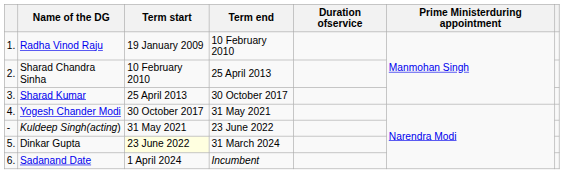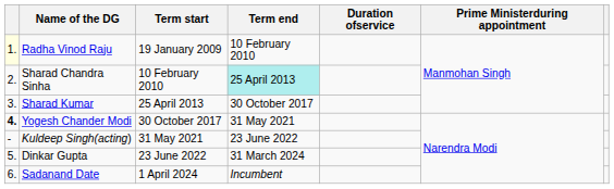 <table class="wikitable">
 <tr>
 <th></th>
 <th>Name of the DG</th>
 <th>Term start</th>
 <th>Term end</th>
 <th>Duration ofservice</th>
 <th>Prime Ministerduring appointment</th>
 <th></th>
 </tr>
 <tr>
-<td>1.</td>
+<td style="background: lightyellow;">1.</td>
 <td><a href='#'>Radha Vinod Raju</a></td>
 <td>19 January 2009</td>
 <td>10 February 2010</td>
 <td></td>
 <td rowspan="3"><a href='#'>Manmohan Singh</a></td>
 <td></td>
 </tr>
 <tr>
 <td>2.</td>
 <td>Sharad Chandra Sinha</td>
 <td>10 February 2010</td>
-<td>25 April 2013</td>
+<td style="background: paleturquoise;">25 April 2013</td>
 <td></td>
 <td></td>
 </tr>
 <tr>
 <td>3.</td>
 <td><a href='#'>Sharad Kumar</a></td>
 <td>25 April 2013</td>
 <td>30 October 2017</td>
 <td></td>
 <td></td>
 </tr>
 <tr>
-<td>4.</td>
+<td><strong>4.</strong></td>
 <td><a href='#'>Yogesh Chander Modi</a></td>
 <td>30 October 2017</td>
 <td>31 May 2021</td>
 <td></td>
 <td rowspan="4"><a href='#'>Narendra Modi</a></td>
 <td></td>
 </tr>
 <tr>
 <td>-</td>
 <td><em>Kuldeep Singh(acting</em>)</td>
 <td>31 May 2021</td>
 <td>23 June 2022</td>
 <td></td>
 <td></td>
 </tr>
 <tr>
 <td>5.</td>
 <td>Dinkar Gupta</td>
-<td style="background: lightyellow;">23 June 2022</td>
+<td>23 June 2022</td>
 <td>31 March 2024</td>
 <td></td>
 <td></td>
 </tr>
 <tr>
 <td>6.</td>
 <td><a href='#'>Sadanand Date</a></td>
 <td>1 April 2024</td>
 <td><em>Incumbent</em></td>
 <td></td>
 <td></td>
 </tr>
 </table>
